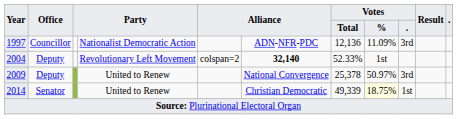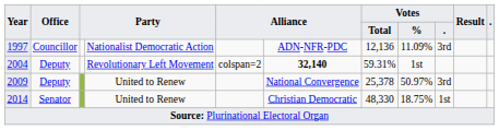 <table class="wikitable" style="font-size:90%; text-align:center;">
 <tr>
 <th style="background-color:#EAECF0;" rowspan=2>Year</th>
 <th style="background-color:#EAECF0;" rowspan=2>Office</th>
 <th style="background-color:#EAECF0;" colspan=2 rowspan=2>Party</th>
 <th style="background-color:#EAECF0;" colspan=2 rowspan=2>Alliance</th>
 <th style="background-color:#EAECF0;" colspan=3>Votes</th>
 <th style="background-color:#EAECF0;" rowspan=2>Result</th>
 <th style="background-color:#EAECF0;" rowspan=2>.</th>
 </tr>
 <tr>
 <th style="background-color:#EAECF0;">Total</th>
 <th style="background-color:#EAECF0;">%</th>
 <th style="background-color:#EAECF0;">.</th>
 </tr>
 <tr>
 <td style="background-color:#EAECF0;"><a href='#'>1997</a></td>
 <td><a href='#'>Councillor</a></td>
 <td></td>
 <td><a href='#'>Nationalist Democratic Action</a></td>
 <td></td>
 <td><a href='#'>ADN</a>-<a href='#'>NFR</a>-<a href='#'>PDC</a></td>
 <td>12,136</td>
 <td>11.09%</td>
 <td>3rd</td>
 <td></td>
 <td></td>
 </tr>
 <tr>
 <td style="background-color:#EAECF0;"><a href='#'>2004</a></td>
 <td><a href='#'>Deputy</a></td>
 <td></td>
 <td><a href='#'>Revolutionary Left Movement</a></td>
 <td>colspan=2 </td>
 <td><strong>32,140</strong></td>
-<td>52.33%</td>
+<td>59.31%</td>
 <td>1st</td>
 <td></td>
 <td></td>
 </tr>
 <tr>
 <td style="background-color:#EAECF0;"><a href='#'>2009</a></td>
 <td><a href='#'>Deputy</a></td>
 <td style="background-color:#92BA3D;"></td>
 <td>United to Renew</td>
 <td></td>
 <td><a href='#'>National Convergence</a></td>
 <td>25,378</td>
 <td>50.97%</td>
 <td>3rd</td>
 <td></td>
 <td></td>
 </tr>
 <tr>
 <td style="background-color:#EAECF0;"><a href='#'>2014</a></td>
 <td><a href='#'>Senator</a></td>
 <td style="background-color:#92BA3D;"></td>
 <td>United to Renew</td>
 <td></td>
 <td><a href='#'>Christian Democratic</a></td>
-<td>49,339</td>
-<td style="background: lightyellow;">18.75%</td>
+<td>48,330</td>
+<td>18.75%</td>
 <td>1st</td>
 <td></td>
 <td></td>
 </tr>
 <tr>
 <td style="background-color:#EAECF0;" colspan=11><strong>Source:</strong> <a href='#'>Plurinational Electoral Organ</a>  </td>
 </tr>
 </table>
